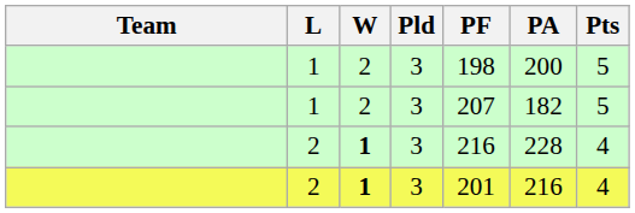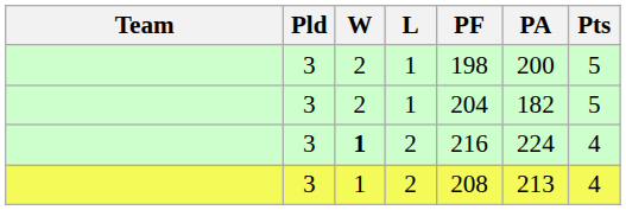 <table class="wikitable" style="text-align:center;">
 <tr>
 <th width=170>Team</th>
+<th width=25>Pld</th>
+<th width=25>W</th>
 <th width=25>L</th>
-<th width=25>W</th>
-<th width=25>Pld</th>
 <th width=35>PF</th>
 <th width=35>PA</th>
 <th width=25>Pts</th>
 </tr>
 <tr bgcolor=#ccffcc>
 <td align="left"></td>
+<td>3</td>
+<td>2</td>
 <td>1</td>
-<td>2</td>
-<td>3</td>
 <td>198</td>
 <td>200</td>
 <td>5</td>
 </tr>
 <tr bgcolor=#ccffcc>
 <td align="left"></td>
+<td>3</td>
+<td>2</td>
 <td>1</td>
-<td>2</td>
-<td>3</td>
-<td>207</td>
+<td>204</td>
 <td>182</td>
 <td>5</td>
 </tr>
 <tr bgcolor=#ccffcc>
 <td align="left"></td>
+<td>3</td>
+<td><strong>1</strong></td>
 <td>2</td>
-<td><strong>1</strong></td>
-<td>3</td>
 <td>216</td>
-<td>228</td>
+<td>224</td>
 <td>4</td>
 </tr>
 <tr bgcolor=#F4FA58>
 <td align="left"></td>
+<td>3</td>
+<td>1</td>
 <td>2</td>
-<td><strong>1</strong></td>
-<td>3</td>
-<td>201</td>
-<td>216</td>
+<td>208</td>
+<td>213</td>
 <td>4</td>
 </tr>
 </table>
